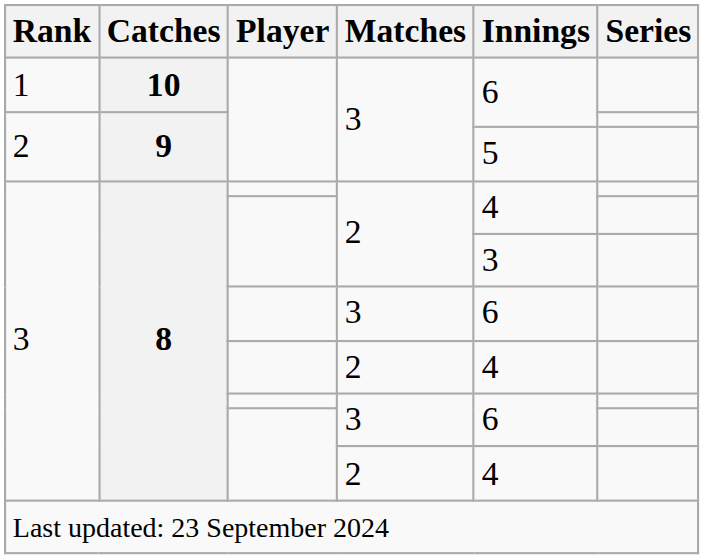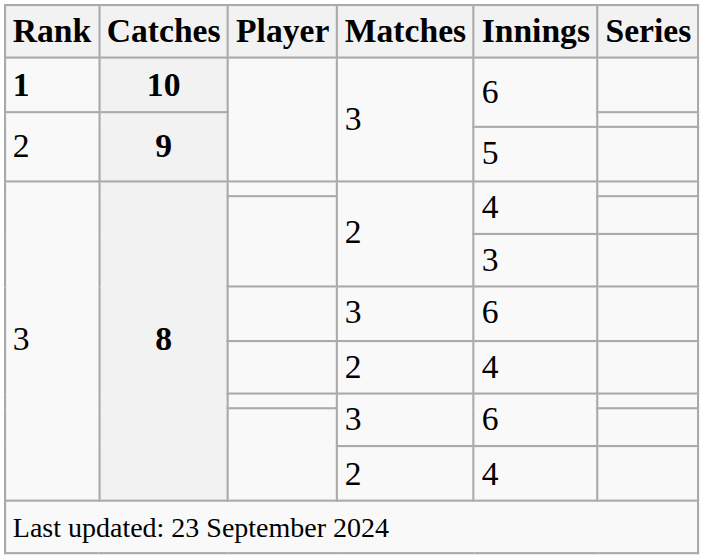 <table class="wikitable plainrowheaders sortable">
 <tr>
 <th>Rank</th>
 <th>Catches</th>
 <th>Player</th>
 <th>Matches</th>
 <th>Innings</th>
 <th>Series</th>
 </tr>
 <tr>
-<td>1</td>
+<td><strong>1</strong></td>
 <th>10</th>
 <td rowspan=3></td>
 <td rowspan=3>3</td>
 <td rowspan=2>6</td>
 <td></td>
 </tr>
 <tr>
 <td rowspan=2>2</td>
 <th rowspan=2>9</th>
 <td></td>
 </tr>
 <tr>
 <td>5</td>
 <td></td>
 </tr>
 <tr>
 <td rowspan=8>3</td>
 <th rowspan=8>8</th>
 <td></td>
 <td rowspan=3>2</td>
 <td rowspan=2>4</td>
 <td></td>
 </tr>
 <tr>
 <td rowspan=2></td>
 <td></td>
 </tr>
 <tr>
 <td>3</td>
 <td></td>
 </tr>
 <tr>
 <td></td>
 <td>3</td>
 <td>6</td>
 <td></td>
 </tr>
 <tr>
 <td></td>
 <td>2</td>
 <td>4</td>
 <td></td>
 </tr>
 <tr>
 <td></td>
 <td rowspan=2>3</td>
 <td rowspan="2">6</td>
 <td></td>
 </tr>
 <tr>
 <td rowspan=2></td>
 <td></td>
 </tr>
 <tr>
 <td>2</td>
 <td>4</td>
 <td></td>
 </tr>
 <tr class=sortbottom>
 <td colspan=6><small>Last updated: 23 September 2024</small></td>
 </tr>
 </table>
